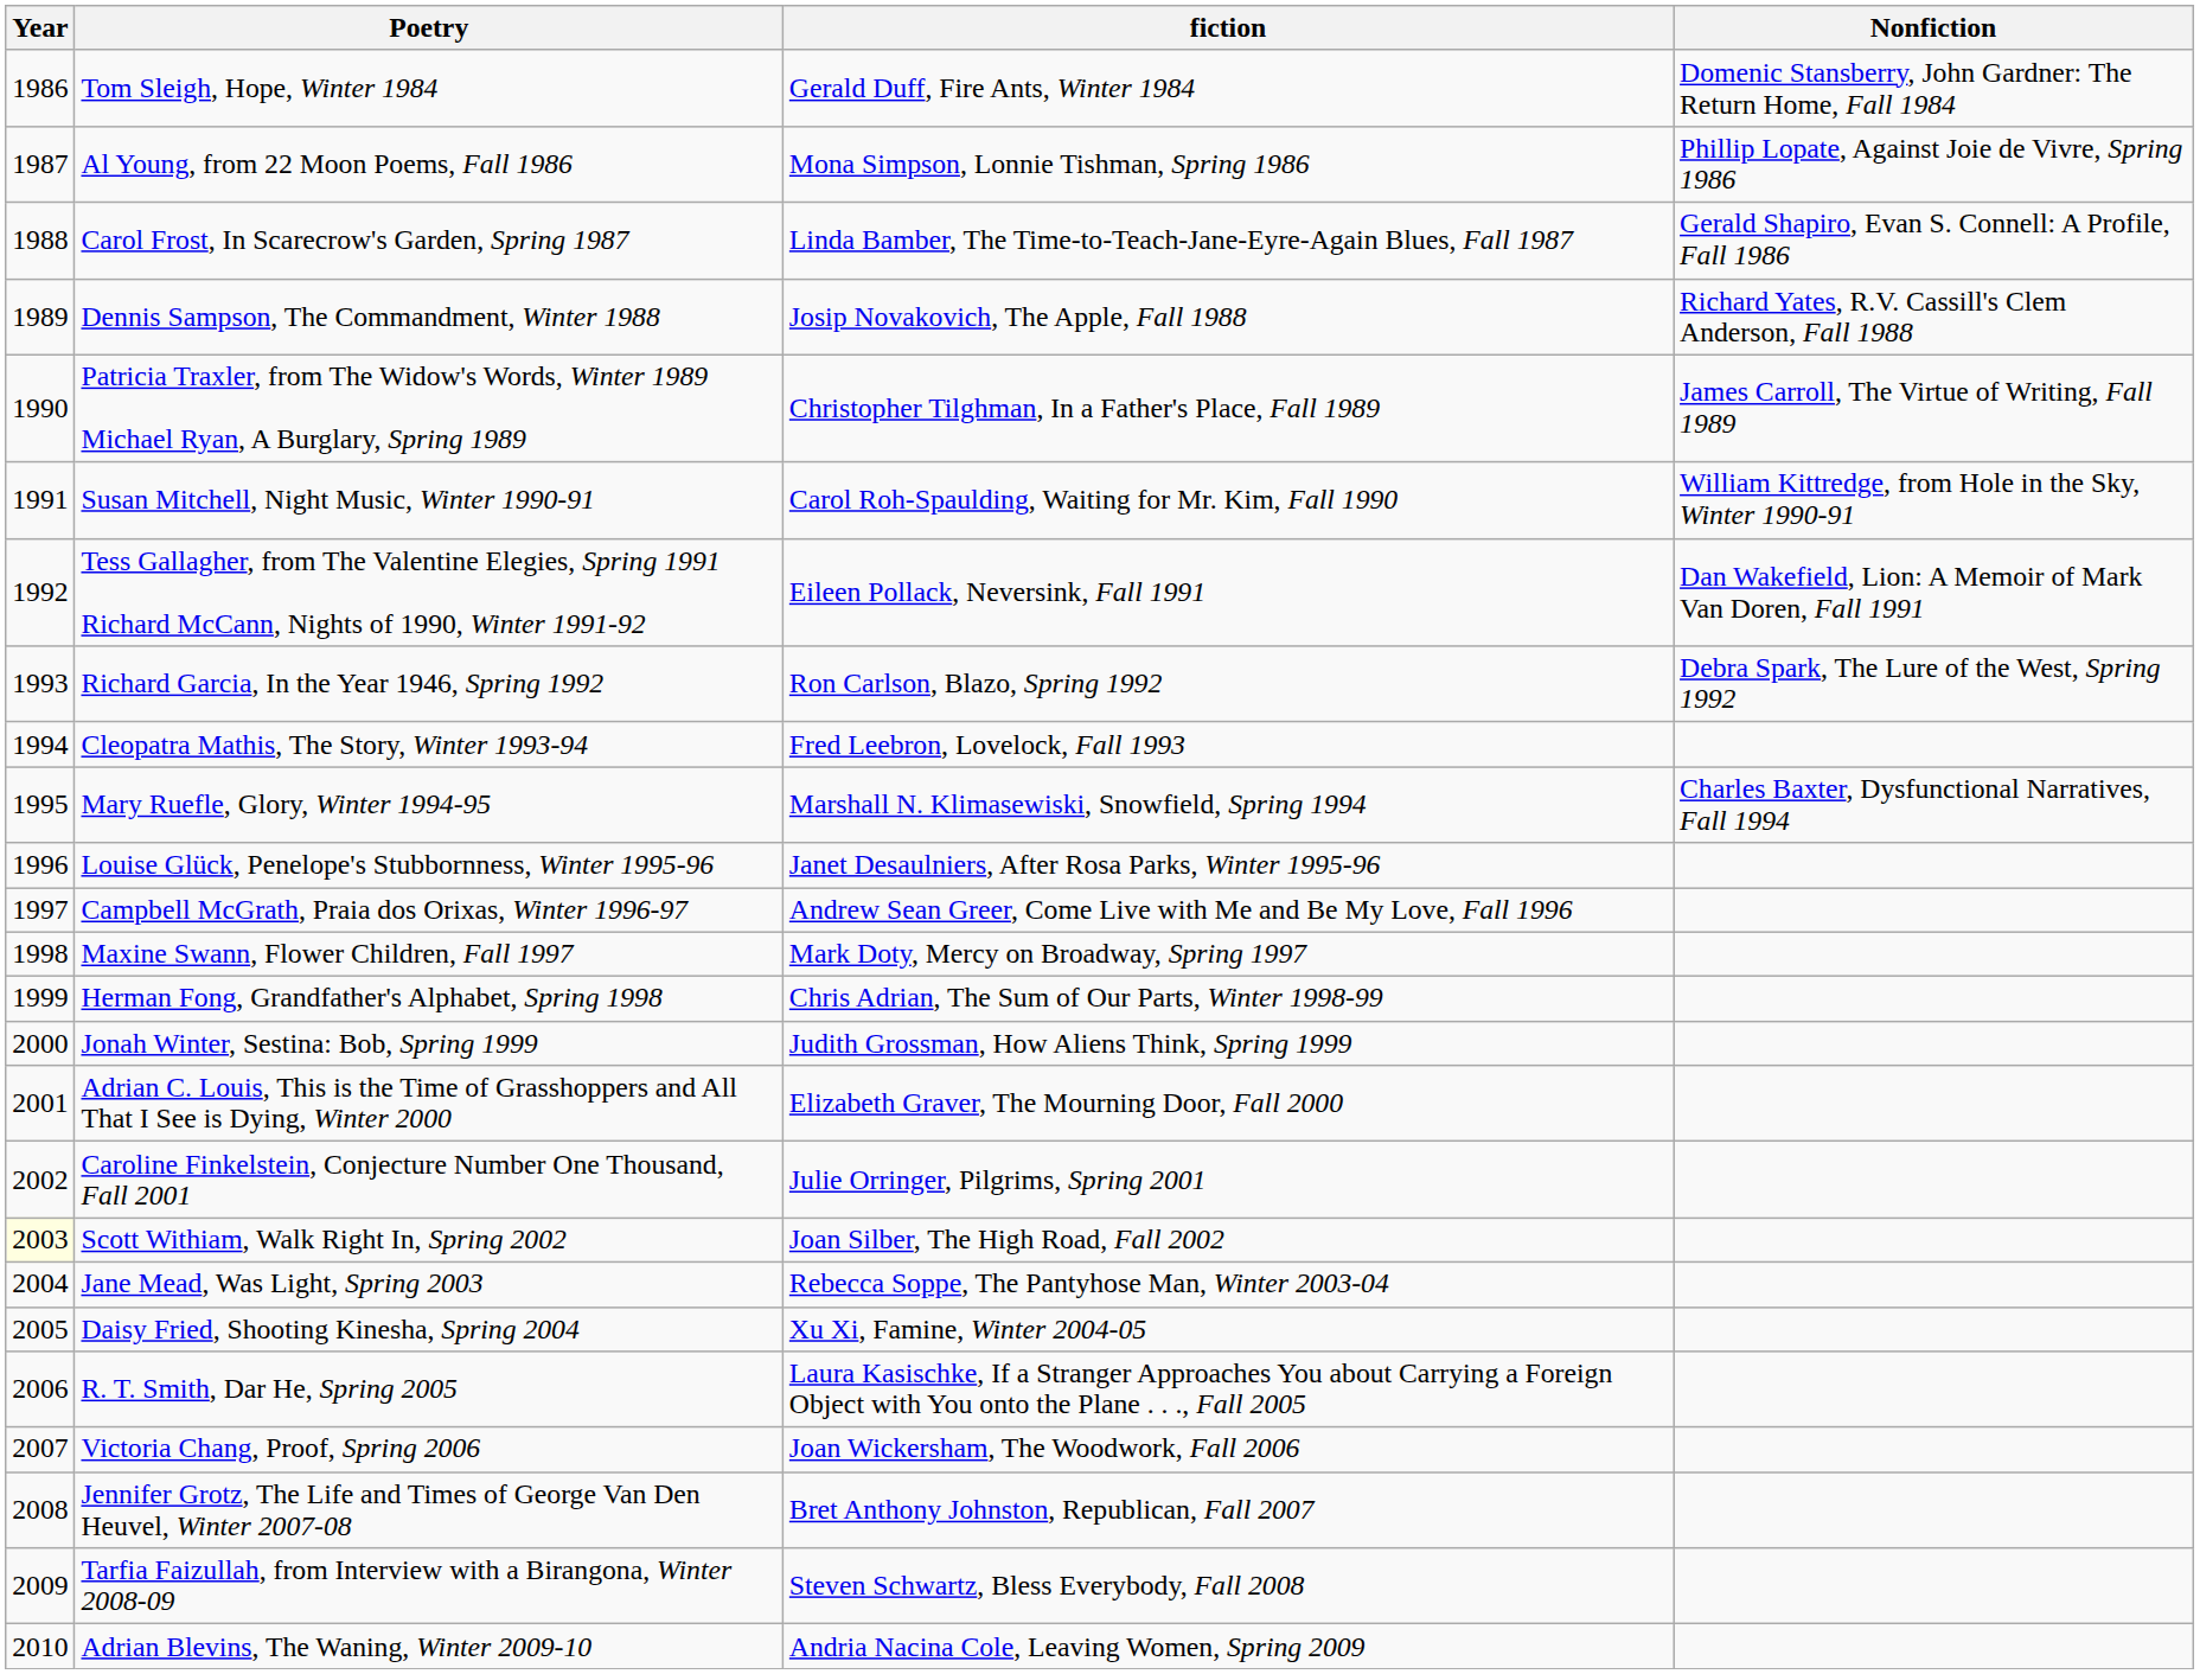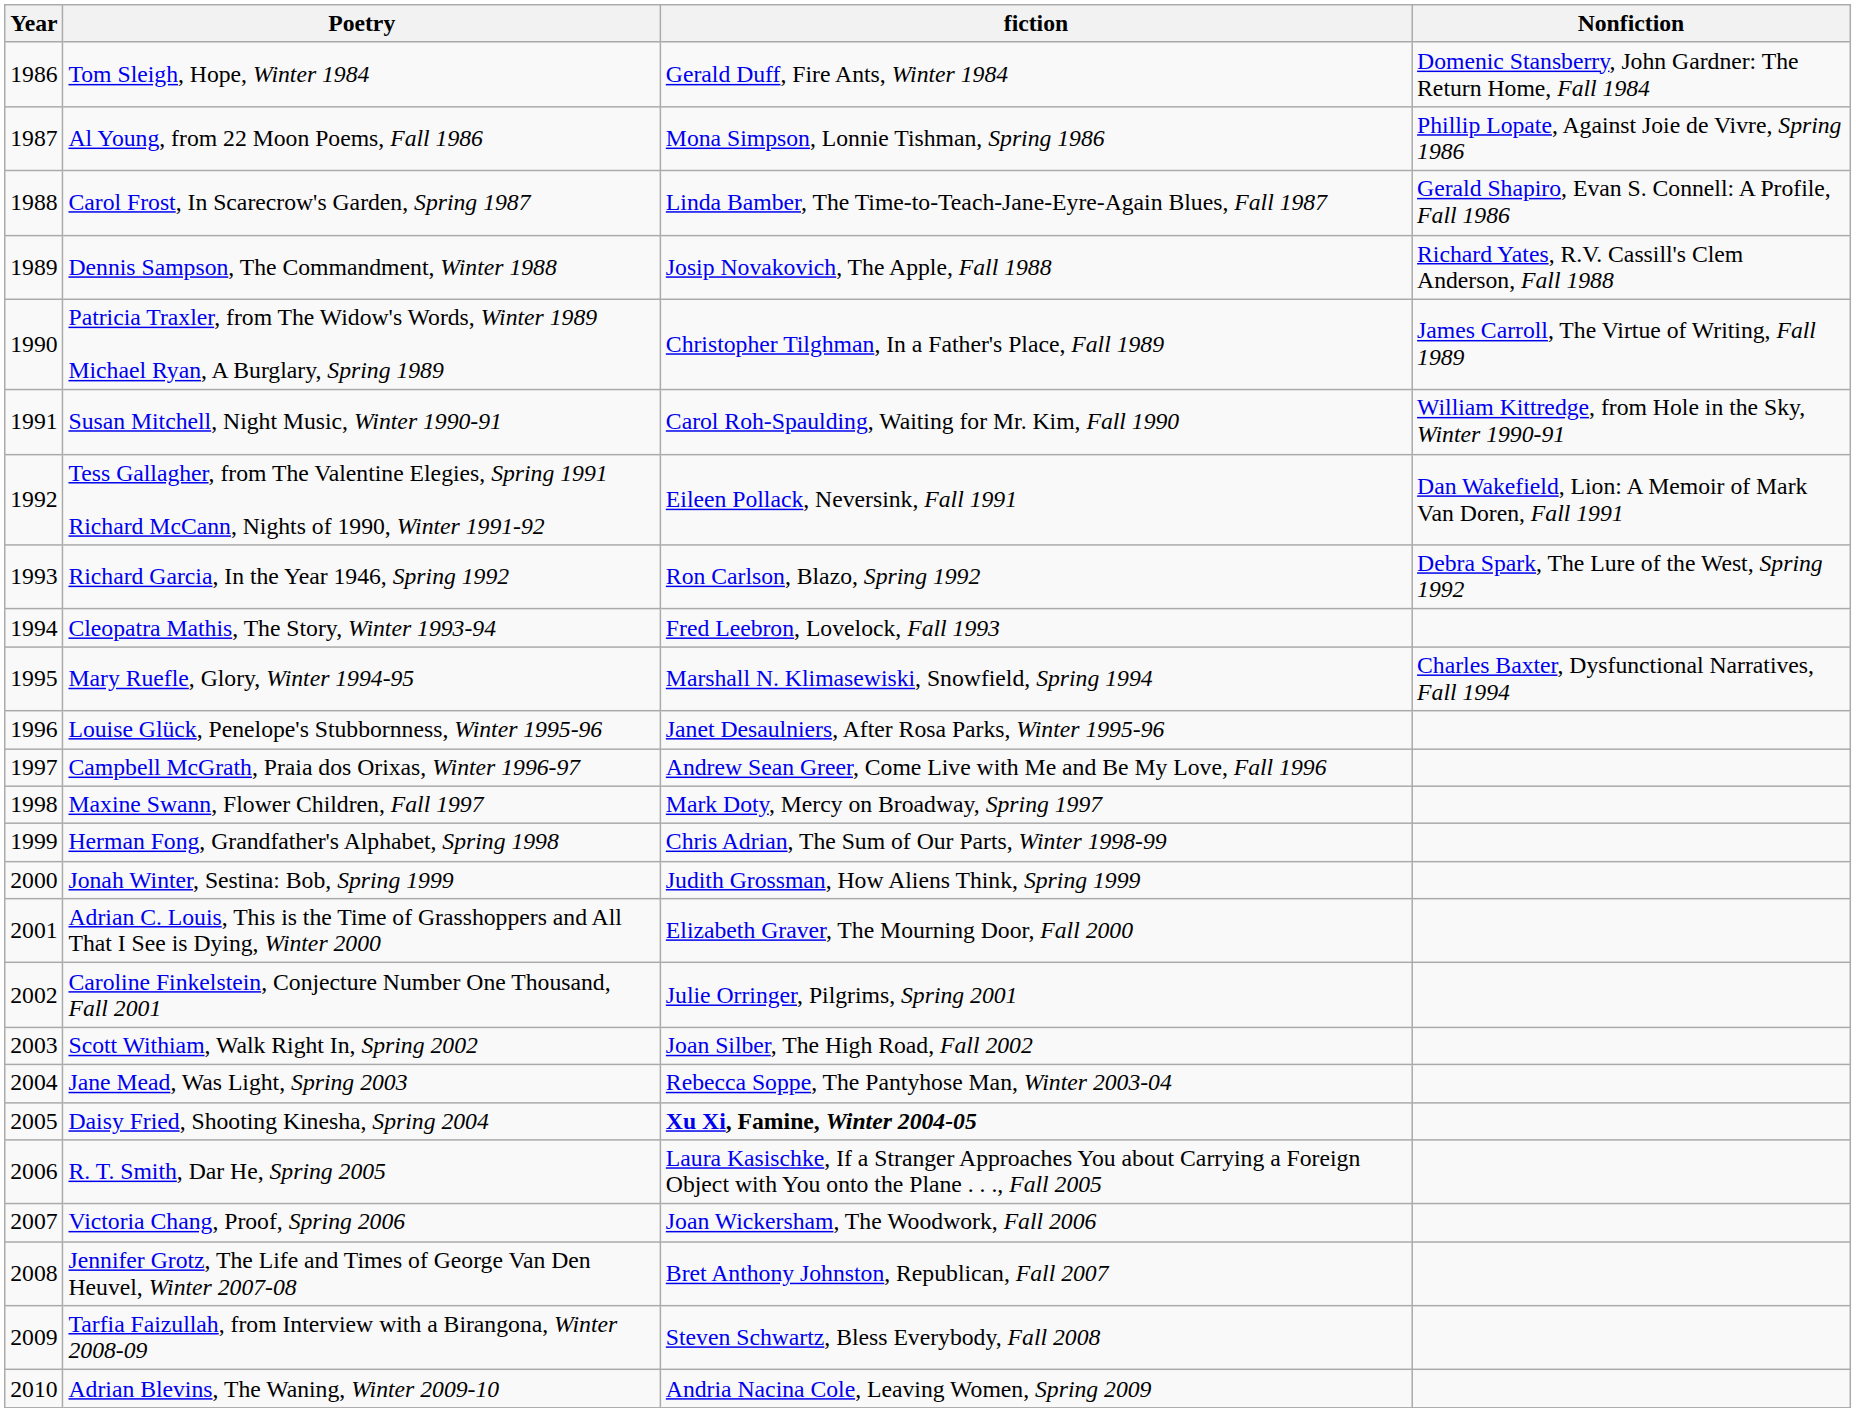 <table class="wikitable sortable">
 <tr>
 <th>Year</th>
 <th>Poetry</th>
 <th>fiction</th>
 <th>Nonfiction</th>
 </tr>
 <tr>
 <td>1986</td>
 <td><a href='#'>Tom Sleigh</a>, Hope, <em>Winter 1984</em></td>
 <td><a href='#'>Gerald Duff</a>, Fire Ants, <em>Winter 1984</em></td>
 <td><a href='#'>Domenic Stansberry</a>, John Gardner: The Return Home, <em>Fall 1984</em></td>
 </tr>
 <tr>
 <td>1987</td>
 <td><a href='#'>Al Young</a>, from 22 Moon Poems, <em>Fall 1986</em></td>
 <td><a href='#'>Mona Simpson</a>, Lonnie Tishman, <em>Spring 1986</em></td>
 <td><a href='#'>Phillip Lopate</a>, Against Joie de Vivre, <em>Spring 1986</em></td>
 </tr>
 <tr>
 <td>1988</td>
 <td><a href='#'>Carol Frost</a>, In Scarecrow's Garden, <em>Spring 1987</em></td>
 <td><a href='#'>Linda Bamber</a>, The Time-to-Teach-Jane-Eyre-Again Blues, <em>Fall 1987</em></td>
 <td><a href='#'>Gerald Shapiro</a>, Evan S. Connell: A Profile, <em>Fall 1986</em></td>
 </tr>
 <tr>
 <td>1989</td>
 <td><a href='#'>Dennis Sampson</a>, The Commandment, <em>Winter 1988</em></td>
 <td><a href='#'>Josip Novakovich</a>, The Apple, <em>Fall 1988</em></td>
 <td><a href='#'>Richard Yates</a>, R.V. Cassill's Clem Anderson, <em>Fall 1988</em></td>
 </tr>
 <tr>
 <td>1990</td>
 <td><a href='#'>Patricia Traxler</a>, from The Widow's Words, <em>Winter 1989</em><br><br><a href='#'>Michael Ryan</a>, A Burglary, <em>Spring 1989</em></td>
 <td><a href='#'>Christopher Tilghman</a>, In a Father's Place, <em>Fall 1989</em></td>
 <td><a href='#'>James Carroll</a>, The Virtue of Writing, <em>Fall 1989</em></td>
 </tr>
 <tr>
 <td>1991</td>
 <td><a href='#'>Susan Mitchell</a>, Night Music, <em>Winter 1990-91</em></td>
 <td><a href='#'>Carol Roh-Spaulding</a>, Waiting for Mr. Kim, <em>Fall 1990</em></td>
 <td><a href='#'>William Kittredge</a>, from Hole in the Sky, <em>Winter 1990-91</em></td>
 </tr>
 <tr>
 <td>1992</td>
 <td><a href='#'>Tess Gallagher</a>, from The Valentine Elegies, <em>Spring 1991</em><br><br><a href='#'>Richard McCann</a>, Nights of 1990, <em>Winter 1991-92</em></td>
 <td><a href='#'>Eileen Pollack</a>, Neversink, <em>Fall 1991</em></td>
 <td><a href='#'>Dan Wakefield</a>, Lion: A Memoir of Mark Van Doren, <em>Fall 1991</em></td>
 </tr>
 <tr>
 <td>1993</td>
 <td><a href='#'>Richard Garcia</a>, In the Year 1946, <em>Spring 1992</em></td>
 <td><a href='#'>Ron Carlson</a>, Blazo, <em>Spring 1992</em></td>
 <td><a href='#'>Debra Spark</a>, The Lure of the West, <em>Spring 1992</em></td>
 </tr>
 <tr>
 <td>1994</td>
 <td><a href='#'>Cleopatra Mathis</a>, The Story, <em>Winter 1993-94</em></td>
 <td><a href='#'>Fred Leebron</a>, Lovelock, <em>Fall 1993</em></td>
 </tr>
 <tr>
 <td>1995</td>
 <td><a href='#'>Mary Ruefle</a>, Glory, <em>Winter 1994-95</em></td>
 <td><a href='#'>Marshall N. Klimasewiski</a>, Snowfield, <em>Spring 1994</em></td>
 <td><a href='#'>Charles Baxter</a>, Dysfunctional Narratives, <em>Fall 1994</em></td>
 </tr>
 <tr>
 <td>1996</td>
 <td><a href='#'>Louise Glück</a>, Penelope's Stubbornness, <em>Winter 1995-96</em></td>
 <td><a href='#'>Janet Desaulniers</a>, After Rosa Parks, <em>Winter 1995-96</em></td>
 <td></td>
 </tr>
 <tr>
 <td>1997</td>
 <td><a href='#'>Campbell McGrath</a>, Praia dos Orixas, <em>Winter 1996-97</em></td>
 <td><a href='#'>Andrew Sean Greer</a>, Come Live with Me and Be My Love, <em>Fall 1996</em></td>
 <td></td>
 </tr>
 <tr>
 <td>1998</td>
 <td><a href='#'>Maxine Swann</a>, Flower Children, <em>Fall 1997</em></td>
 <td><a href='#'>Mark Doty</a>, Mercy on Broadway, <em>Spring 1997</em></td>
 <td></td>
 </tr>
 <tr>
 <td>1999</td>
 <td><a href='#'>Herman Fong</a>, Grandfather's Alphabet, <em>Spring 1998</em></td>
 <td><a href='#'>Chris Adrian</a>, The Sum of Our Parts, <em>Winter 1998-99</em></td>
 <td></td>
 </tr>
 <tr>
 <td>2000</td>
 <td><a href='#'>Jonah Winter</a>, Sestina: Bob, <em>Spring 1999</em></td>
 <td><a href='#'>Judith Grossman</a>, How Aliens Think, <em>Spring 1999</em></td>
 <td></td>
 </tr>
 <tr>
 <td>2001</td>
 <td><a href='#'>Adrian C. Louis</a>, This is the Time of Grasshoppers and All That I See is Dying, <em>Winter 2000</em></td>
 <td><a href='#'>Elizabeth Graver</a>, The Mourning Door, <em>Fall 2000</em></td>
 <td></td>
 </tr>
 <tr>
 <td>2002</td>
 <td><a href='#'>Caroline Finkelstein</a>, Conjecture Number One Thousand, <em>Fall 2001</em></td>
 <td><a href='#'>Julie Orringer</a>, Pilgrims, <em>Spring 2001</em></td>
 <td></td>
 </tr>
 <tr>
-<td style="background: lightyellow;">2003</td>
+<td>2003</td>
 <td><a href='#'>Scott Withiam</a>, Walk Right In, <em>Spring 2002</em></td>
 <td><a href='#'>Joan Silber</a>, The High Road, <em>Fall 2002</em></td>
 <td></td>
 </tr>
 <tr>
 <td>2004</td>
 <td><a href='#'>Jane Mead</a>, Was Light, <em>Spring 2003</em></td>
 <td><a href='#'>Rebecca Soppe</a>, The Pantyhose Man, <em>Winter 2003-04</em></td>
 <td></td>
 </tr>
 <tr>
 <td>2005</td>
 <td><a href='#'>Daisy Fried</a>, Shooting Kinesha, <em>Spring 2004</em></td>
-<td><a href='#'>Xu Xi</a>, Famine, <em>Winter 2004-05</em></td>
+<td><strong><a href='#'>Xu Xi</a>, Famine, <em>Winter 2004-05</em></strong></td>
 <td></td>
 </tr>
 <tr>
 <td>2006</td>
 <td><a href='#'>R. T. Smith</a>, Dar He, <em>Spring 2005</em></td>
 <td><a href='#'>Laura Kasischke</a>, If a Stranger Approaches You about Carrying a Foreign Object with You onto the Plane . . ., <em>Fall 2005</em></td>
 <td></td>
 </tr>
 <tr>
 <td>2007</td>
 <td><a href='#'>Victoria Chang</a>, Proof, <em>Spring 2006</em></td>
 <td><a href='#'>Joan Wickersham</a>, The Woodwork, <em>Fall 2006</em></td>
 <td></td>
 </tr>
 <tr>
 <td>2008</td>
 <td><a href='#'>Jennifer Grotz</a>, The Life and Times of George Van Den Heuvel, <em>Winter 2007-08</em></td>
 <td><a href='#'>Bret Anthony Johnston</a>, Republican, <em>Fall 2007</em></td>
 <td></td>
 </tr>
 <tr>
 <td>2009</td>
 <td><a href='#'>Tarfia Faizullah</a>, from Interview with a Birangona, <em>Winter 2008-09</em></td>
 <td><a href='#'>Steven Schwartz</a>, Bless Everybody, <em>Fall 2008</em></td>
 <td></td>
 </tr>
 <tr>
 <td>2010</td>
 <td><a href='#'>Adrian Blevins</a>, The Waning, <em>Winter 2009-10</em></td>
 <td><a href='#'>Andria Nacina Cole</a>, Leaving Women, <em>Spring 2009</em></td>
 <td></td>
 </tr>
 </table>
